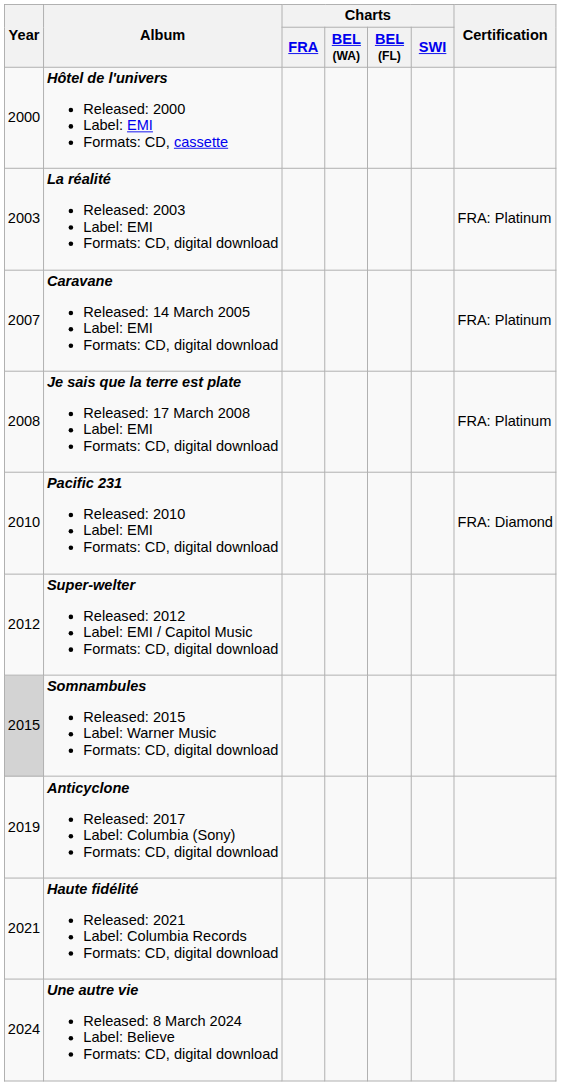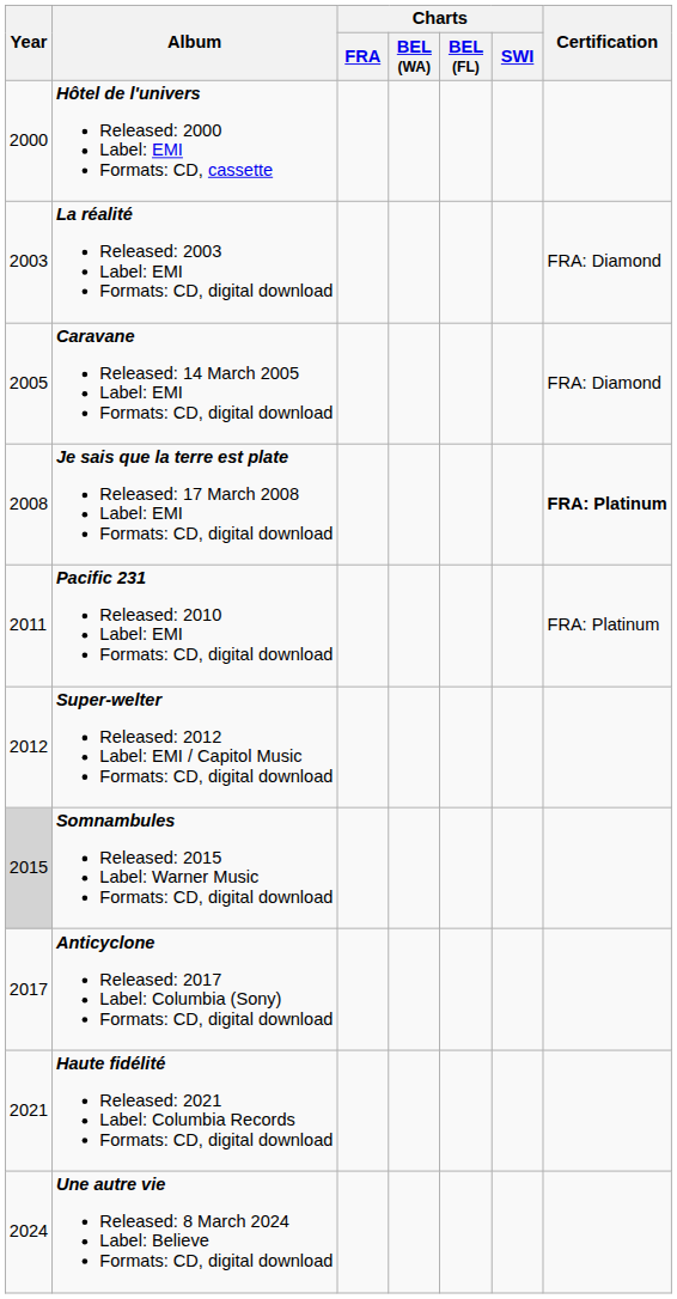 <table class="wikitable" style="text-align:left;">
 <tr>
 <th rowspan="2">Year</th>
 <th rowspan="2">Album</th>
 <th colspan="4">Charts</th>
 <th rowspan="2">Certification</th>
 </tr>
 <tr>
 <th width="40"><a href='#'>FRA</a><br></th>
 <th width="40"><a href='#'>BEL</a> <br> <small>(WA)</small><br></th>
 <th width="40"><a href='#'>BEL</a> <br> <small> (FL)</small></th>
 <th width="40"><a href='#'>SWI</a></th>
 </tr>
 <tr>
 <td>2000</td>
 <td><strong><em>Hôtel de l'univers</em></strong><br><ul><li>Released: 2000</li><li>Label: <a href='#'>EMI</a></li><li>Formats: CD, <a href='#'>cassette</a></li></ul></td>
 <td></td>
 <td></td>
 <td></td>
 <td></td>
 <td></td>
 </tr>
 <tr>
 <td>2003</td>
 <td><strong><em>La réalité</em></strong><br><ul><li>Released: 2003</li><li>Label: EMI</li><li>Formats: CD, digital download</li></ul></td>
 <td></td>
 <td></td>
 <td></td>
 <td></td>
-<td>FRA: Platinum</td>
+<td>FRA: Diamond</td>
 </tr>
 <tr>
-<td>2007</td>
+<td>2005</td>
 <td><strong><em>Caravane</em></strong><br><ul><li>Released: 14 March 2005</li><li>Label: EMI</li><li>Formats: CD, digital download</li></ul></td>
 <td></td>
 <td></td>
 <td></td>
 <td></td>
-<td>FRA: Platinum</td>
+<td>FRA: Diamond</td>
 </tr>
 <tr>
 <td>2008</td>
 <td><strong><em>Je sais que la terre est plate</em></strong><br><ul><li>Released: 17 March 2008</li><li>Label: EMI</li><li>Formats: CD, digital download</li></ul></td>
 <td></td>
 <td></td>
 <td></td>
 <td></td>
-<td>FRA: Platinum</td>
+<td><strong>FRA: Platinum</strong></td>
 </tr>
 <tr>
-<td>2010</td>
+<td>2011</td>
 <td><strong><em>Pacific 231</em></strong><br><ul><li>Released: 2010</li><li>Label: EMI</li><li>Formats: CD, digital download</li></ul></td>
 <td></td>
 <td></td>
 <td></td>
 <td></td>
-<td>FRA: Diamond</td>
+<td>FRA: Platinum</td>
 </tr>
 <tr>
 <td>2012</td>
 <td><strong><em>Super-welter</em></strong><br><ul><li>Released: 2012</li><li>Label: EMI / Capitol Music</li><li>Formats: CD, digital download</li></ul></td>
 <td></td>
 <td></td>
 <td></td>
 <td></td>
 <td></td>
 </tr>
 <tr>
 <td style="background: lightgrey;">2015</td>
 <td><strong><em>Somnambules</em></strong><br><ul><li>Released: 2015</li><li>Label: Warner Music</li><li>Formats: CD, digital download</li></ul></td>
 <td></td>
 <td></td>
 <td></td>
 <td></td>
 <td></td>
 </tr>
 <tr>
-<td>2019</td>
+<td>2017</td>
 <td><strong><em>Anticyclone</em></strong><br><ul><li>Released: 2017</li><li>Label: Columbia (Sony)</li><li>Formats: CD, digital download</li></ul></td>
 <td></td>
 <td></td>
 <td></td>
 <td></td>
 <td></td>
 </tr>
 <tr>
 <td>2021</td>
 <td><strong><em>Haute fidélité</em></strong><br><ul><li>Released: 2021</li><li>Label: Columbia Records</li><li>Formats: CD, digital download</li></ul></td>
 <td></td>
 <td></td>
 <td></td>
 <td></td>
 <td></td>
 </tr>
 <tr>
 <td>2024</td>
 <td><strong><em>Une autre vie</em></strong><br><ul><li>Released: 8 March 2024</li><li>Label: Believe</li><li>Formats: CD, digital download</li></ul></td>
 <td></td>
 <td></td>
 <td></td>
 <td></td>
 <td></td>
 </tr>
 </table>
